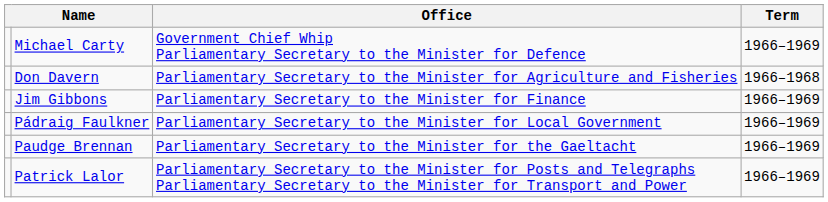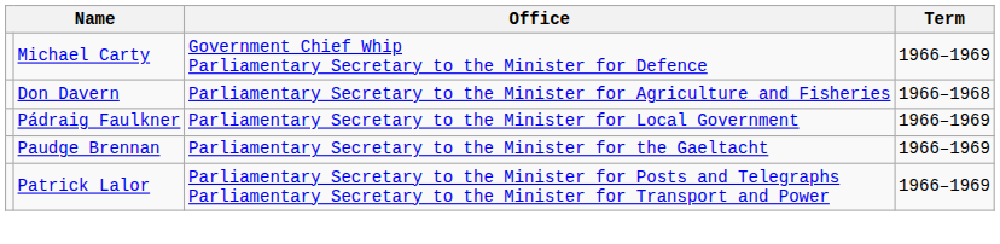 <table class="wikitable">
 <tr>
 <th colspan="2">Name</th>
 <th>Office</th>
 <th>Term</th>
 </tr>
 <tr>
 <td style="background-color: "></td>
 <td><a href='#'>Michael Carty</a></td>
 <td><a href='#'>Government Chief Whip</a><br><a href='#'>Parliamentary Secretary to the Minister for Defence</a></td>
 <td>1966–1969</td>
 </tr>
 <tr>
 <td style="background-color: "></td>
 <td><a href='#'>Don Davern</a></td>
 <td><a href='#'>Parliamentary Secretary to the Minister for Agriculture and Fisheries</a></td>
 <td>1966–1968</td>
 </tr>
 <tr>
 <td style="background-color: "></td>
-<td><a href='#'>Jim Gibbons</a></td>
-<td><a href='#'>Parliamentary Secretary to the Minister for Finance</a></td>
-<td>1966–1969</td>
-</tr>
-<tr>
-<td style="background-color: "></td>
 <td><a href='#'>Pádraig Faulkner</a></td>
 <td><a href='#'>Parliamentary Secretary to the Minister for Local Government</a></td>
 <td>1966–1969</td>
 </tr>
 <tr>
 <td style="background-color: "></td>
 <td><a href='#'>Paudge Brennan</a></td>
 <td><a href='#'>Parliamentary Secretary to the Minister for the Gaeltacht</a></td>
 <td>1966–1969</td>
 </tr>
 <tr>
 <td style="background-color: "></td>
 <td><a href='#'>Patrick Lalor</a></td>
 <td><a href='#'>Parliamentary Secretary to the Minister for Posts and Telegraphs</a><br><a href='#'>Parliamentary Secretary to the Minister for Transport and Power</a></td>
 <td>1966–1969</td>
 </tr>
 </table>
